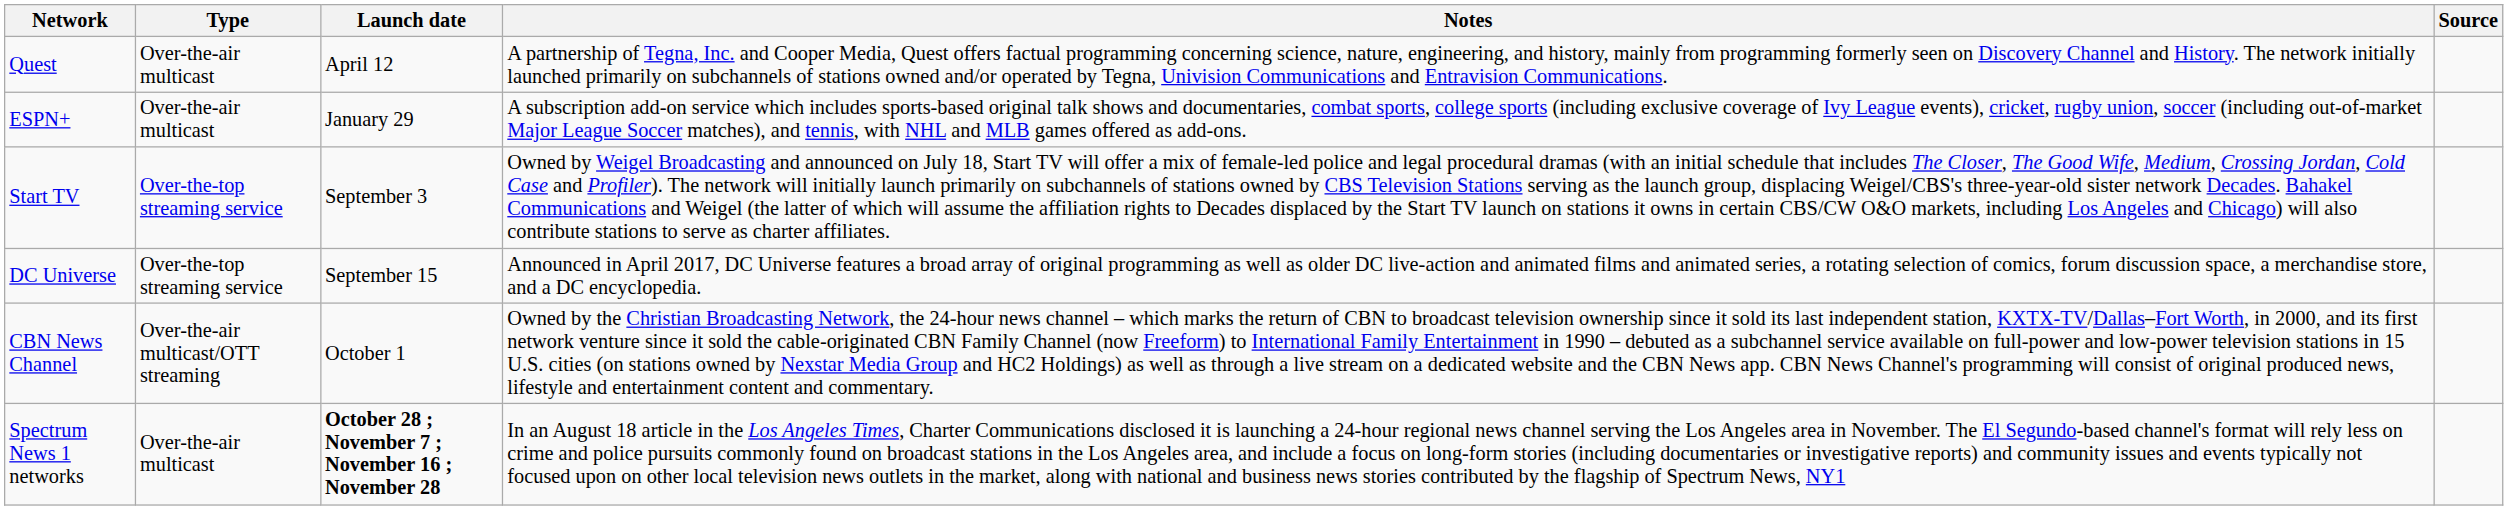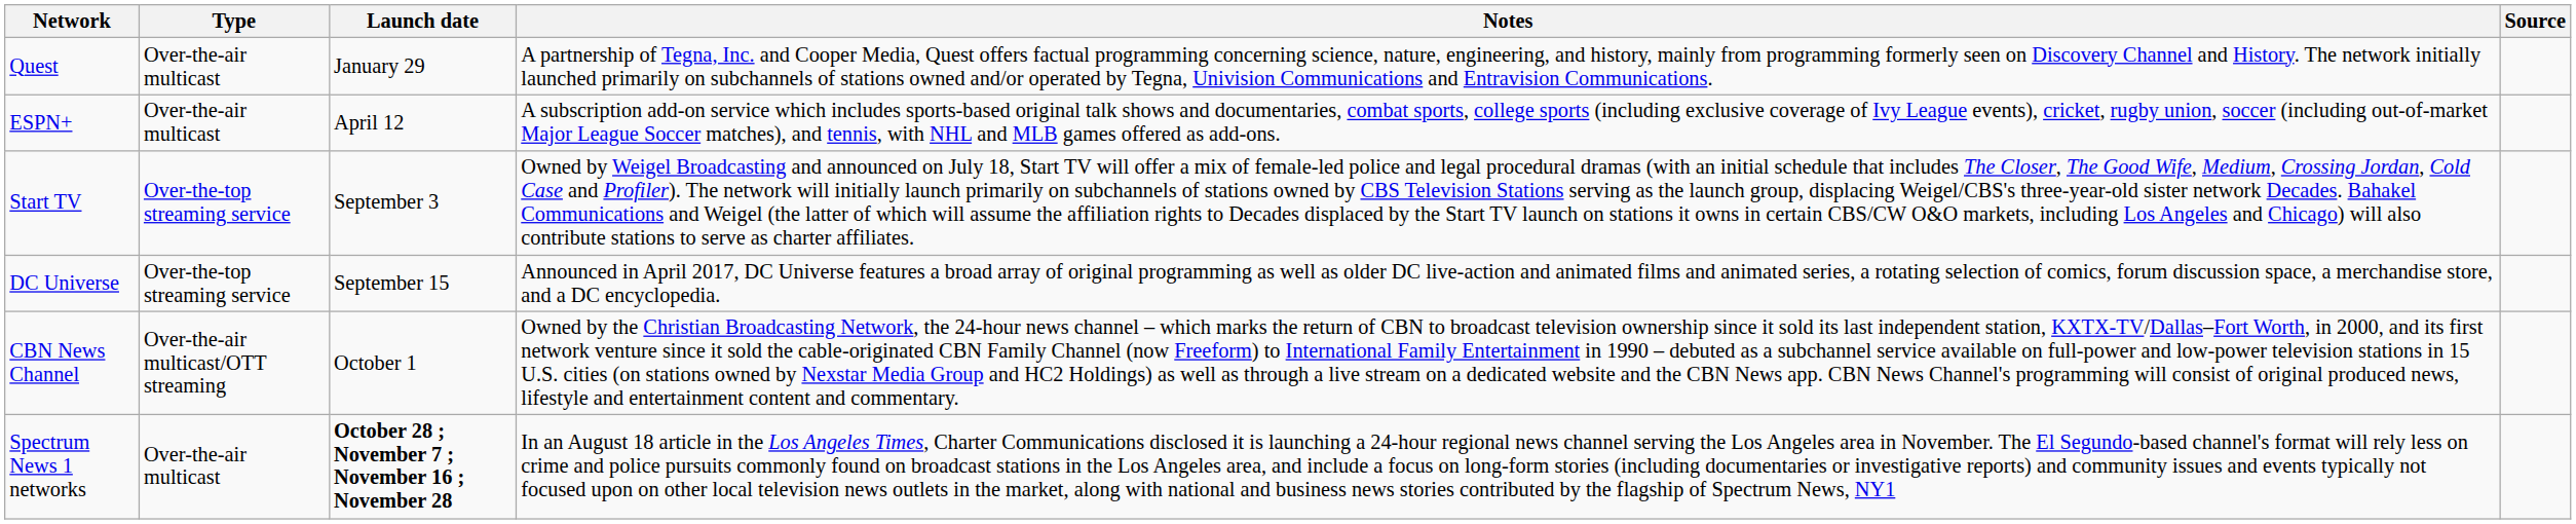 <table class="wikitable">
 <tr>
 <th>Network</th>
 <th>Type</th>
 <th>Launch date</th>
 <th>Notes</th>
 <th>Source</th>
 </tr>
 <tr>
 <td><a href='#'>Quest</a></td>
 <td>Over-the-air multicast</td>
-<td>April 12</td>
+<td>January 29</td>
 <td>A partnership of <a href='#'>Tegna, Inc.</a> and Cooper Media, Quest offers factual programming concerning science, nature, engineering, and history, mainly from programming formerly seen on <a href='#'>Discovery Channel</a> and <a href='#'>History</a>. The network initially launched primarily on subchannels of stations owned and/or operated by Tegna, <a href='#'>Univision Communications</a> and <a href='#'>Entravision Communications</a>.</td>
 <td></td>
 </tr>
 <tr>
 <td><a href='#'>ESPN+</a></td>
 <td>Over-the-air multicast</td>
-<td>January 29</td>
+<td>April 12</td>
 <td>A subscription add-on service which includes sports-based original talk shows and documentaries, <a href='#'>combat sports</a>, <a href='#'>college sports</a> (including exclusive coverage of <a href='#'>Ivy League</a> events), <a href='#'>cricket</a>, <a href='#'>rugby union</a>, <a href='#'>soccer</a> (including out-of-market <a href='#'>Major League Soccer</a> matches), and <a href='#'>tennis</a>, with <a href='#'>NHL</a> and <a href='#'>MLB</a> games offered as add-ons.</td>
 <td></td>
 </tr>
 <tr>
 <td><a href='#'>Start TV</a></td>
 <td><a href='#'>Over-the-top</a> <a href='#'>streaming service</a></td>
 <td>September 3</td>
 <td>Owned by <a href='#'>Weigel Broadcasting</a> and announced on July 18, Start TV will offer a mix of female-led police and legal procedural dramas (with an initial schedule that includes <em><a href='#'>The Closer</a></em>, <em><a href='#'>The Good Wife</a></em>, <em><a href='#'>Medium</a></em>, <em><a href='#'>Crossing Jordan</a></em>, <em><a href='#'>Cold Case</a></em> and <em><a href='#'>Profiler</a></em>). The network will initially launch primarily on subchannels of stations owned by <a href='#'>CBS Television Stations</a> serving as the launch group, displacing Weigel/CBS's three-year-old sister network <a href='#'>Decades</a>. <a href='#'>Bahakel Communications</a> and Weigel (the latter of which will assume the affiliation rights to Decades displaced by the Start TV launch on stations it owns in certain CBS/CW O&O markets, including <a href='#'>Los Angeles</a> and <a href='#'>Chicago</a>) will also contribute stations to serve as charter affiliates.</td>
 <td></td>
 </tr>
 <tr>
 <td><a href='#'>DC Universe</a></td>
 <td>Over-the-top streaming service</td>
 <td>September 15</td>
 <td>Announced in April 2017, DC Universe features a broad array of original programming as well as older DC live-action and animated films and animated series, a rotating selection of comics, forum discussion space, a merchandise store, and a DC encyclopedia.</td>
 <td></td>
 </tr>
 <tr>
 <td><a href='#'>CBN News Channel</a></td>
 <td>Over-the-air multicast/OTT streaming</td>
 <td>October 1</td>
 <td>Owned by the <a href='#'>Christian Broadcasting Network</a>, the 24-hour news channel – which marks the return of CBN to broadcast television ownership since it sold its last independent station, <a href='#'>KXTX-TV</a>/<a href='#'>Dallas</a>–<a href='#'>Fort Worth</a>, in 2000, and its first network venture since it sold the cable-originated CBN Family Channel (now <a href='#'>Freeform</a>) to <a href='#'>International Family Entertainment</a> in 1990 – debuted as a subchannel service available on full-power and low-power television stations in 15 U.S. cities (on stations owned by <a href='#'>Nexstar Media Group</a> and HC2 Holdings) as well as through a live stream on a dedicated website and the CBN News app. CBN News Channel's programming will consist of original produced news, lifestyle and entertainment content and commentary.</td>
 <td></td>
 </tr>
 <tr>
 <td><a href='#'>Spectrum News 1</a> networks</td>
 <td>Over-the-air multicast</td>
 <td><strong>October 28 ;<br>November 7 ; November 16 ; November 28 </strong></td>
 <td>In an August 18 article in the <em><a href='#'>Los Angeles Times</a></em>, Charter Communications disclosed it is launching a 24-hour regional news channel serving the Los Angeles area in November. The <a href='#'>El Segundo</a>-based channel's format will rely less on crime and police pursuits commonly found on broadcast stations in the Los Angeles area, and include a focus on long-form stories (including documentaries or investigative reports) and community issues and events typically not focused upon on other local television news outlets in the market, along with national and business news stories contributed by the flagship of Spectrum News, <a href='#'>NY1</a></td>
 <td></td>
 </tr>
 </table>
